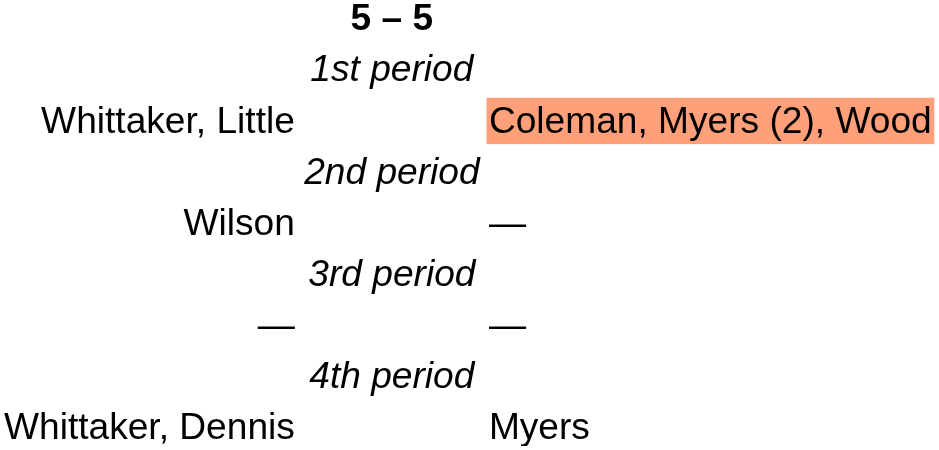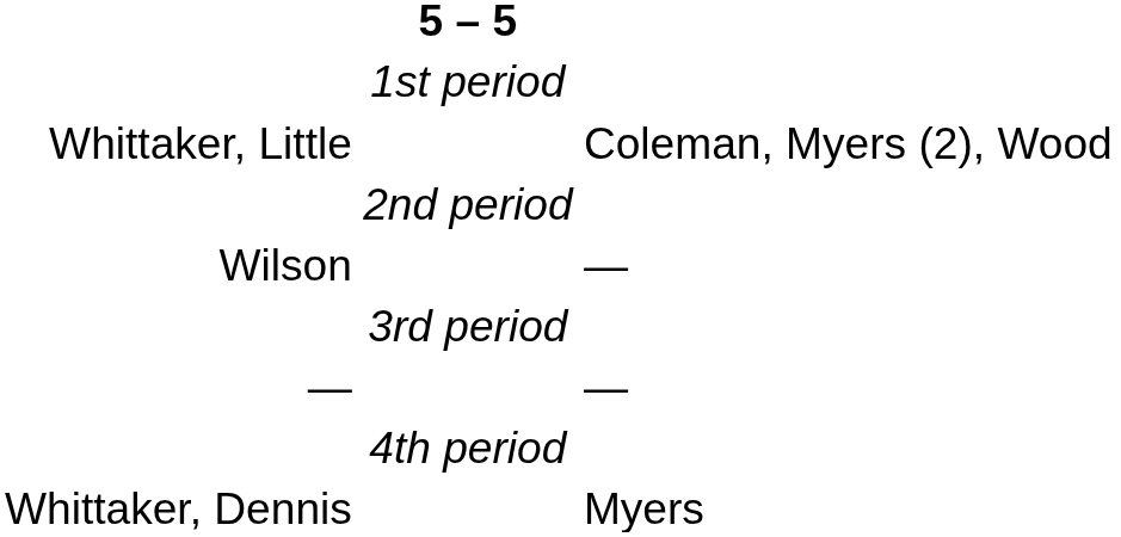 <table>
 <tr>
 <td align=right></td>
 <td align=center><strong>5 – 5</strong></td>
 <td></td>
 </tr>
 <tr>
 <td></td>
 <td align=center><em>1st period</em></td>
 </tr>
 <tr>
 <td align=right>Whittaker, Little</td>
 <td></td>
-<td style="background: lightsalmon;">Coleman, Myers (2), Wood</td>
+<td>Coleman, Myers (2), Wood</td>
 </tr>
 <tr>
 <td></td>
 <td align=center><em>2nd period</em></td>
 </tr>
 <tr>
 <td align=right>Wilson</td>
 <td></td>
 <td>—</td>
 </tr>
 <tr>
 <td></td>
 <td align=center><em>3rd period</em></td>
 </tr>
 <tr>
 <td align=right>—</td>
 <td></td>
 <td>—</td>
 </tr>
 <tr>
 <td></td>
 <td align=center><em>4th period</em></td>
 </tr>
 <tr>
 <td align=right>Whittaker, Dennis</td>
 <td></td>
 <td>Myers</td>
 </tr>
 </table>
